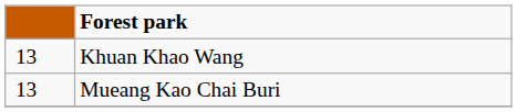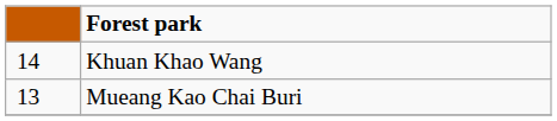 <table class= "wikitable" style= "width:30%; display:inline-table;">
 <tr>
 <td style="width:3%; background:#C65900;"> </td>
 <td style="width:27%;"><strong>Forest park</strong></td>
 </tr>
 <tr>
-<td> 13</td>
+<td> 14</td>
 <td>Khuan Khao Wang</td>
 </tr>
 <tr>
 <td> 13</td>
 <td>Mueang Kao Chai Buri</td>
 </tr>
 <tr>
 </tr>
 </table>
